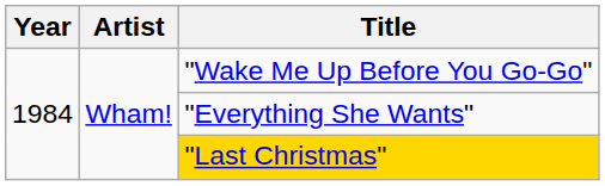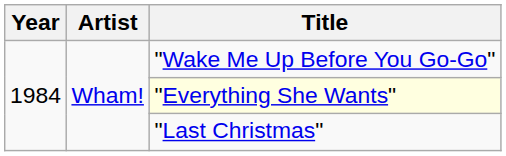 <table class="wikitable">
 <tr>
 <th>Year</th>
 <th>Artist</th>
 <th>Title</th>
 </tr>
 <tr>
 <td rowspan="3">1984</td>
 <td rowspan="3"><a href='#'>Wham!</a></td>
 <td>"<a href='#'>Wake Me Up Before You Go-Go</a>"</td>
 </tr>
 <tr>
-<td>"<a href='#'>Everything She Wants</a>"</td>
+<td style="background: lightyellow;">"<a href='#'>Everything She Wants</a>"</td>
 </tr>
 <tr>
-<td style="background: gold;">"<a href='#'>Last Christmas</a>"</td>
+<td>"<a href='#'>Last Christmas</a>"</td>
 </tr>
 </table>
